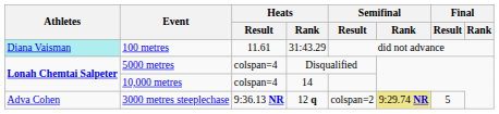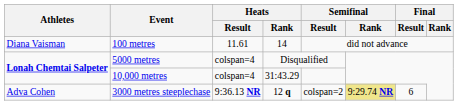 <table class="wikitable" border="1" style="font-size:90%">
 <tr>
 <th rowspan="2">Athletes</th>
 <th rowspan="2">Event</th>
 <th colspan="2">Heats</th>
 <th colspan="2">Semifinal</th>
 <th colspan="2">Final</th>
 </tr>
 <tr>
 <th>Result</th>
 <th>Rank</th>
 <th>Result</th>
 <th>Rank</th>
 <th>Result</th>
 <th>Rank</th>
 </tr>
 <tr>
-<td style="background: paleturquoise;"><a href='#'>Diana Vaisman</a></td>
+<td><a href='#'>Diana Vaisman</a></td>
 <td><a href='#'>100 metres</a></td>
 <td align=center>11.61</td>
-<td align=center>31:43.29</td>
+<td align=center>14</td>
 <td align=center colspan=4>did not advance</td>
 </tr>
 <tr>
 <td rowspan=2><strong><a href='#'>Lonah Chemtai Salpeter</a></strong></td>
 <td><a href='#'>5000 metres</a></td>
 <td>colspan=4</td>
 <td align=center colspan=2>Disqualified</td>
 </tr>
 <tr>
 <td><a href='#'>10,000 metres</a></td>
 <td>colspan=4</td>
-<td align=center>14</td>
+<td align=center>31:43.29</td>
 <td align=center></td>
 </tr>
 <tr>
 <td><a href='#'>Adva Cohen</a></td>
 <td><a href='#'>3000 metres steeplechase</a></td>
 <td align=center>9:36.13 <strong><a href='#'>NR</a></strong></td>
 <td align=center>12 <strong>q</strong></td>
 <td>colspan=2</td>
 <td align=center style="background: khaki;">9:29.74 <strong><a href='#'>NR</a></strong></td>
-<td align=center>5</td>
+<td align=center>6</td>
 </tr>
 </table>
